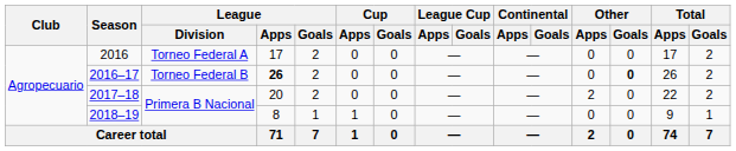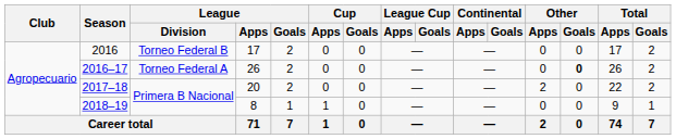 <table class="wikitable" style="text-align:center">
 <tr>
 <th rowspan="2">Club</th>
 <th rowspan="2">Season</th>
 <th colspan="3">League</th>
 <th colspan="2">Cup</th>
 <th colspan="2">League Cup</th>
 <th colspan="2">Continental</th>
 <th colspan="2">Other</th>
 <th colspan="2">Total</th>
 </tr>
 <tr>
 <th>Division</th>
 <th>Apps</th>
 <th>Goals</th>
 <th>Apps</th>
 <th>Goals</th>
 <th>Apps</th>
 <th>Goals</th>
 <th>Apps</th>
 <th>Goals</th>
 <th>Apps</th>
 <th>Goals</th>
 <th>Apps</th>
 <th>Goals</th>
 </tr>
 <tr>
 <td rowspan="4"><a href='#'>Agropecuario</a></td>
 <td>2016</td>
-<td rowspan="1"><a href='#'>Torneo Federal A</a></td>
+<td rowspan="1"><a href='#'>Torneo Federal B</a></td>
 <td>17</td>
 <td>2</td>
 <td>0</td>
 <td>0</td>
 <td colspan="2">—</td>
 <td colspan="2">—</td>
 <td>0</td>
 <td>0</td>
 <td>17</td>
 <td>2</td>
 </tr>
 <tr>
 <td><a href='#'>2016–17</a></td>
-<td rowspan="1"><a href='#'>Torneo Federal B</a></td>
-<td><strong>26</strong></td>
+<td rowspan="1"><a href='#'>Torneo Federal A</a></td>
+<td>26</td>
 <td>2</td>
 <td>0</td>
 <td>0</td>
 <td colspan="2">—</td>
 <td colspan="2">—</td>
 <td>0</td>
 <td><strong>0</strong></td>
 <td>26</td>
 <td>2</td>
 </tr>
 <tr>
 <td><a href='#'>2017–18</a></td>
 <td rowspan="2"><a href='#'>Primera B Nacional</a></td>
 <td>20</td>
 <td>2</td>
 <td>0</td>
 <td>0</td>
 <td colspan="2">—</td>
 <td colspan="2">—</td>
 <td>2</td>
 <td>0</td>
 <td>22</td>
 <td>2</td>
 </tr>
 <tr>
 <td><a href='#'>2018–19</a></td>
 <td>8</td>
 <td>1</td>
 <td>1</td>
 <td>0</td>
 <td colspan="2">—</td>
 <td colspan="2">—</td>
 <td>0</td>
 <td>0</td>
 <td>9</td>
 <td>1</td>
 </tr>
 <tr>
 <th colspan="3">Career total</th>
 <th>71</th>
 <th>7</th>
 <th>1</th>
 <th>0</th>
 <th colspan="2">—</th>
 <th colspan="2">—</th>
 <th>2</th>
 <th>0</th>
 <th>74</th>
 <th>7</th>
 </tr>
 </table>
